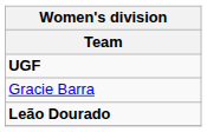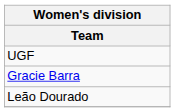 <table class="wikitable" style="text-align:center; display:inline-table;">
 <tr>
 <th colspan="2">Women's division</th>
 </tr>
 <tr>
 <th width="200">Team</th>
 </tr>
 <tr>
-<td style=text-align:left><strong>UGF</strong></td>
+<td style=text-align:left>UGF</td>
 </tr>
 <tr>
 <td style=text-align:left><a href='#'>Gracie Barra</a></td>
 </tr>
 <tr>
-<td style=text-align:left><strong>Leão Dourado</strong></td>
+<td style=text-align:left>Leão Dourado</td>
 </tr>
 <tr>
 </tr>
 </table>
